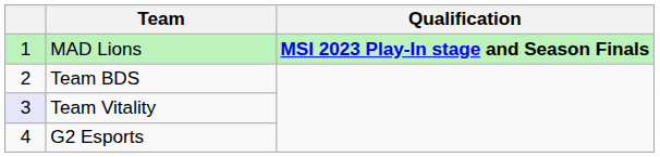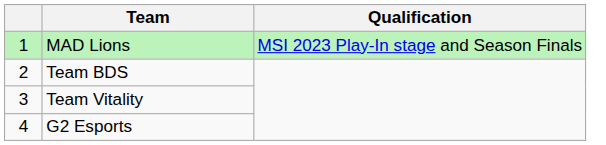 <table class="wikitable" style="text-align:center">
 <tr>
 <th width=28></th>
 <th width=190>Team</th>
 <th>Qualification</th>
 </tr>
 <tr style="background-color:#BBF3BB;">
 <td>1</td>
 <td style="text-align:left">MAD Lions</td>
-<td><strong><a href='#'>MSI 2023 Play-In stage</a> and Season Finals</strong></td>
+<td><a href='#'>MSI 2023 Play-In stage</a> and Season Finals</td>
 </tr>
 <tr>
 <td>2</td>
 <td style="text-align:left">Team BDS</td>
 </tr>
 <tr>
-<td style="background: lavender;">3</td>
+<td>3</td>
 <td style="text-align:left">Team Vitality</td>
 </tr>
 <tr>
 <td>4</td>
 <td style="text-align:left">G2 Esports</td>
 </tr>
 </table>
